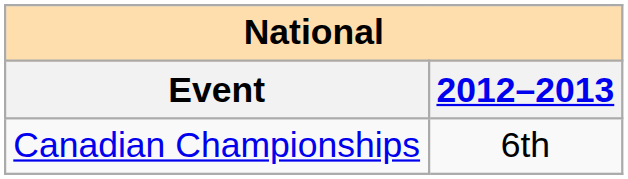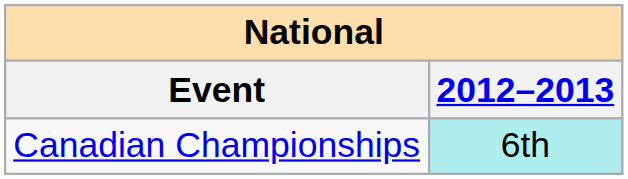 <table class="wikitable" style="text-align:center">
 <tr>
 <th style="background-color: #ffdead; " colspan=2 align=center><strong>National</strong></th>
 </tr>
 <tr>
 <th>Event</th>
 <th><a href='#'>2012–2013</a></th>
 </tr>
 <tr>
 <td align=left><a href='#'>Canadian Championships</a></td>
-<td>6th</td>
+<td style="background: paleturquoise;">6th</td>
 </tr>
 </table>
